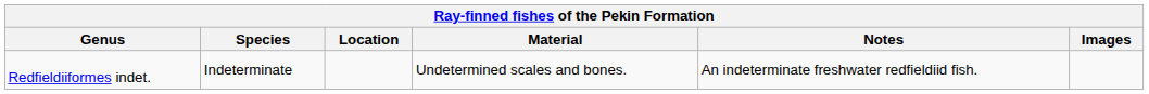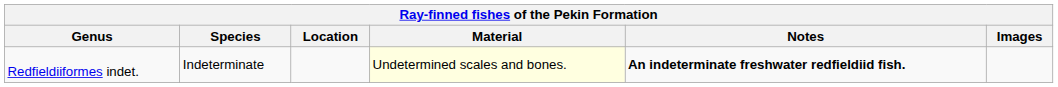 <table class="wikitable" align="center" width="100%">
 <tr>
 <th colspan="6" align="center"><a href='#'>Ray-finned fishes</a> of the Pekin Formation</th>
 </tr>
 <tr>
 <th>Genus</th>
 <th>Species</th>
 <th>Location</th>
 <th>Material</th>
 <th>Notes</th>
 <th>Images</th>
 </tr>
 <tr>
 <td><br><a href='#'>Redfieldiiformes</a> indet.</td>
 <td>Indeterminate</td>
 <td></td>
-<td>Undetermined scales and bones.</td>
-<td>An indeterminate freshwater redfieldiid fish.</td>
+<td style="background: lightyellow;">Undetermined scales and bones.</td>
+<td><strong>An indeterminate freshwater redfieldiid fish.</strong></td>
 <td></td>
 </tr>
 </table>
